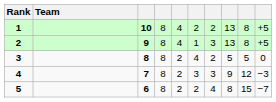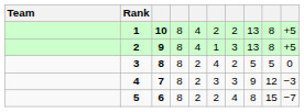 <table class="wikitable" style="text-align: center;">
 <tr>
+<th width=165 style="text-align:left;">Team</th>
 <th width=30>Rank</th>
-<th width=165 style="text-align:left;">Team</th>
 <th width=20></th>
 <th width=20></th>
 <th width=20></th>
 <th width=20></th>
 <th width=20></th>
 <th width=20></th>
 <th width=20></th>
 <th width=20></th>
 </tr>
 <tr style="background:#ccffcc;">
+<td style="text-align:left;"></td>
 <td><strong>1</strong></td>
-<td style="text-align:left;"></td>
 <td><strong>10</strong></td>
 <td>8</td>
 <td>4</td>
 <td>2</td>
 <td>2</td>
 <td>13</td>
 <td>8</td>
 <td>+5</td>
 </tr>
 <tr style="background:#ccffcc;">
+<td style="text-align:left;"></td>
 <td><strong>2</strong></td>
-<td style="text-align:left;"></td>
 <td><strong>9</strong></td>
 <td>8</td>
 <td>4</td>
 <td>1</td>
 <td>3</td>
 <td>13</td>
 <td>8</td>
 <td>+5</td>
 </tr>
 <tr>
+<td style="text-align:left;"></td>
 <td><strong>3</strong></td>
-<td style="text-align:left;"></td>
 <td><strong>8</strong></td>
 <td>8</td>
 <td>2</td>
 <td>4</td>
 <td>2</td>
 <td>5</td>
 <td>5</td>
 <td>0</td>
 </tr>
 <tr>
+<td style="text-align:left;"></td>
 <td><strong>4</strong></td>
-<td style="text-align:left;"></td>
 <td><strong>7</strong></td>
 <td>8</td>
 <td>2</td>
 <td>3</td>
 <td>3</td>
 <td>9</td>
 <td>12</td>
 <td>−3</td>
 </tr>
 <tr>
+<td style="text-align:left;"></td>
 <td><strong>5</strong></td>
-<td style="text-align:left;"></td>
 <td><strong>6</strong></td>
 <td>8</td>
 <td>2</td>
 <td>2</td>
 <td>4</td>
 <td>8</td>
 <td>15</td>
 <td>−7</td>
 </tr>
 </table>
